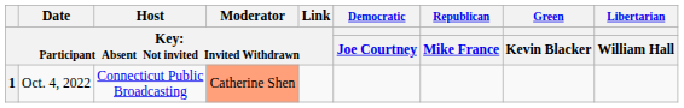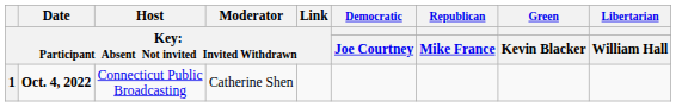 <table class="wikitable" style="text-align:center;">
 <tr>
 <th scope="col"></th>
 <th scope="col">Date</th>
 <th scope="col">Host</th>
 <th scope="col">Moderator</th>
 <th scope="col">Link</th>
 <th scope="col"><small><a href='#'>Democratic</a></small></th>
 <th scope="col"><small><a href='#'>Republican</a></small></th>
 <th scope="col"><small><a href='#'>Green</a></small></th>
 <th scope="col"><small><a href='#'>Libertarian</a></small></th>
 </tr>
 <tr>
 <th colspan="5" rowspan="2">Key:<br> <small>Participant </small>  <small>Absent </small>  <small>Not invited </small>  <small>Invited  Withdrawn</small></th>
 <th scope="col" style="background:"></th>
 <th scope="col" style="background:"></th>
 <th scope="col" style="background:"></th>
 <th scope="col" style="background:"></th>
 </tr>
 <tr>
 <th scope="col"><a href='#'>Joe Courtney</a></th>
 <th scope="col"><a href='#'>Mike France</a></th>
 <th scope="col">Kevin Blacker</th>
 <th scope="col">William Hall</th>
 </tr>
 <tr>
 <th>1</th>
-<td style="white-space:nowrap;">Oct. 4, 2022</td>
+<td style="white-space:nowrap;"><strong>Oct. 4, 2022</strong></td>
 <td style="white-space:nowrap;"><a href='#'>Connecticut Public</a><br><a href='#'>Broadcasting</a></td>
-<td style="background: lightsalmon; white-space:nowrap;">Catherine Shen</td>
+<td style="white-space:nowrap;">Catherine Shen</td>
 <td style="white-space:nowrap;"></td>
 <td></td>
 <td></td>
 <td></td>
 <td></td>
 </tr>
 </table>
